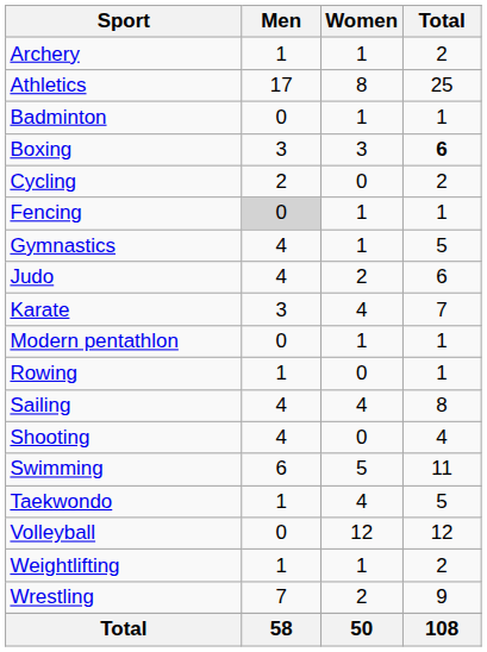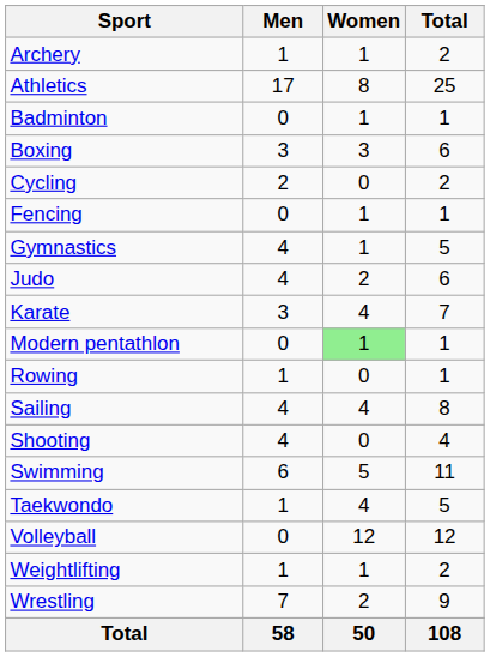 <table class="wikitable sortable" style="text-align:center;">
 <tr>
 <th width=180>Sport</th>
 <th width=55>Men</th>
 <th width=55>Women</th>
 <th width=55>Total</th>
 </tr>
 <tr>
 <td align=left><a href='#'>Archery</a></td>
 <td>1</td>
 <td>1</td>
 <td>2</td>
 </tr>
 <tr>
 <td align=left><a href='#'>Athletics</a></td>
 <td>17</td>
 <td>8</td>
 <td>25</td>
 </tr>
 <tr>
 <td align=left><a href='#'>Badminton</a></td>
 <td>0</td>
 <td>1</td>
 <td>1</td>
 </tr>
 <tr>
 <td align=left><a href='#'>Boxing</a></td>
 <td>3</td>
 <td>3</td>
-<td><strong>6</strong></td>
+<td>6</td>
 </tr>
 <tr>
 <td align=left><a href='#'>Cycling</a></td>
 <td>2</td>
 <td>0</td>
 <td>2</td>
 </tr>
 <tr>
 <td align=left><a href='#'>Fencing</a></td>
-<td style="background: lightgrey;">0</td>
+<td>0</td>
 <td>1</td>
 <td>1</td>
 </tr>
 <tr>
 <td align=left><a href='#'>Gymnastics</a></td>
 <td>4</td>
 <td>1</td>
 <td>5</td>
 </tr>
 <tr>
 <td align=left><a href='#'>Judo</a></td>
 <td>4</td>
 <td>2</td>
 <td>6</td>
 </tr>
 <tr>
 <td align=left><a href='#'>Karate</a></td>
 <td>3</td>
 <td>4</td>
 <td>7</td>
 </tr>
 <tr>
 <td align=left><a href='#'>Modern pentathlon</a></td>
 <td>0</td>
-<td>1</td>
+<td style="background: lightgreen;">1</td>
 <td>1</td>
 </tr>
 <tr>
 <td align=left><a href='#'>Rowing</a></td>
 <td>1</td>
 <td>0</td>
 <td>1</td>
 </tr>
 <tr>
 <td align=left><a href='#'>Sailing</a></td>
 <td>4</td>
 <td>4</td>
 <td>8</td>
 </tr>
 <tr>
 <td align=left><a href='#'>Shooting</a></td>
 <td>4</td>
 <td>0</td>
 <td>4</td>
 </tr>
 <tr>
 <td align=left><a href='#'>Swimming</a></td>
 <td>6</td>
 <td>5</td>
 <td>11</td>
 </tr>
 <tr>
 <td align=left><a href='#'>Taekwondo</a></td>
 <td>1</td>
 <td>4</td>
 <td>5</td>
 </tr>
 <tr>
 <td align=left><a href='#'>Volleyball</a></td>
 <td>0</td>
 <td>12</td>
 <td>12</td>
 </tr>
 <tr>
 <td align=left><a href='#'>Weightlifting</a></td>
 <td>1</td>
 <td>1</td>
 <td>2</td>
 </tr>
 <tr>
 <td align=left><a href='#'>Wrestling</a></td>
 <td>7</td>
 <td>2</td>
 <td>9</td>
 </tr>
 <tr>
 </tr>
 <tr class="sortbottom">
 <th>Total</th>
 <th>58</th>
 <th>50</th>
 <th>108</th>
 </tr>
 </table>
